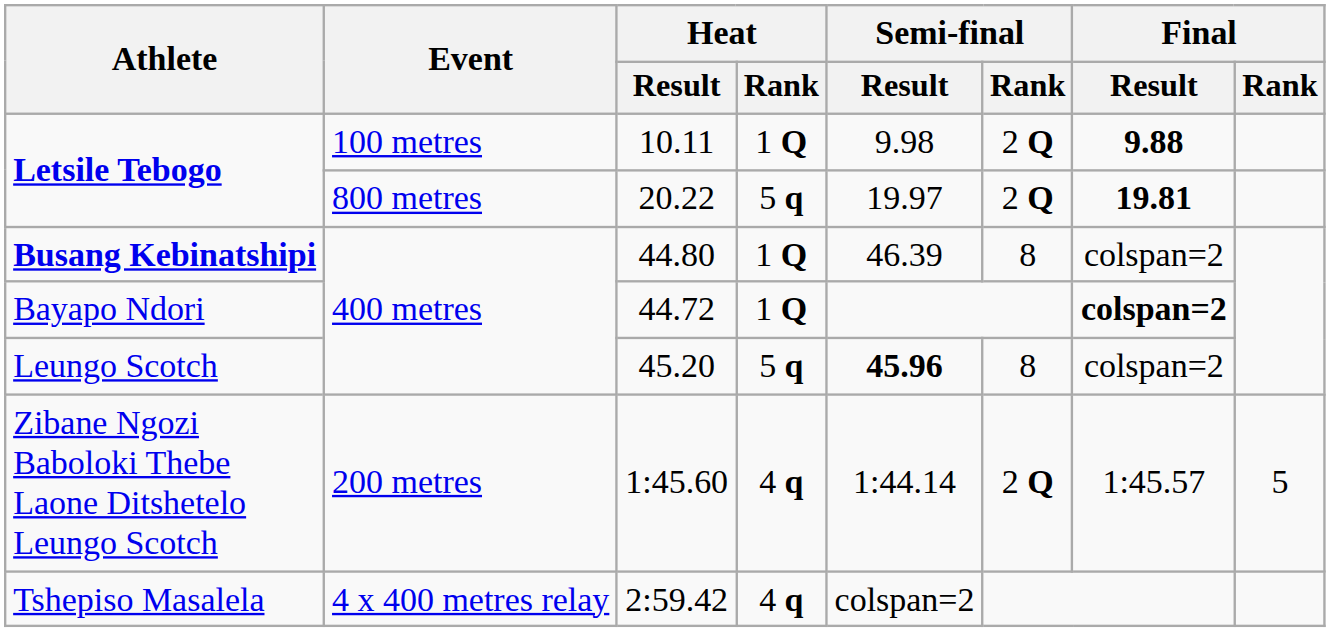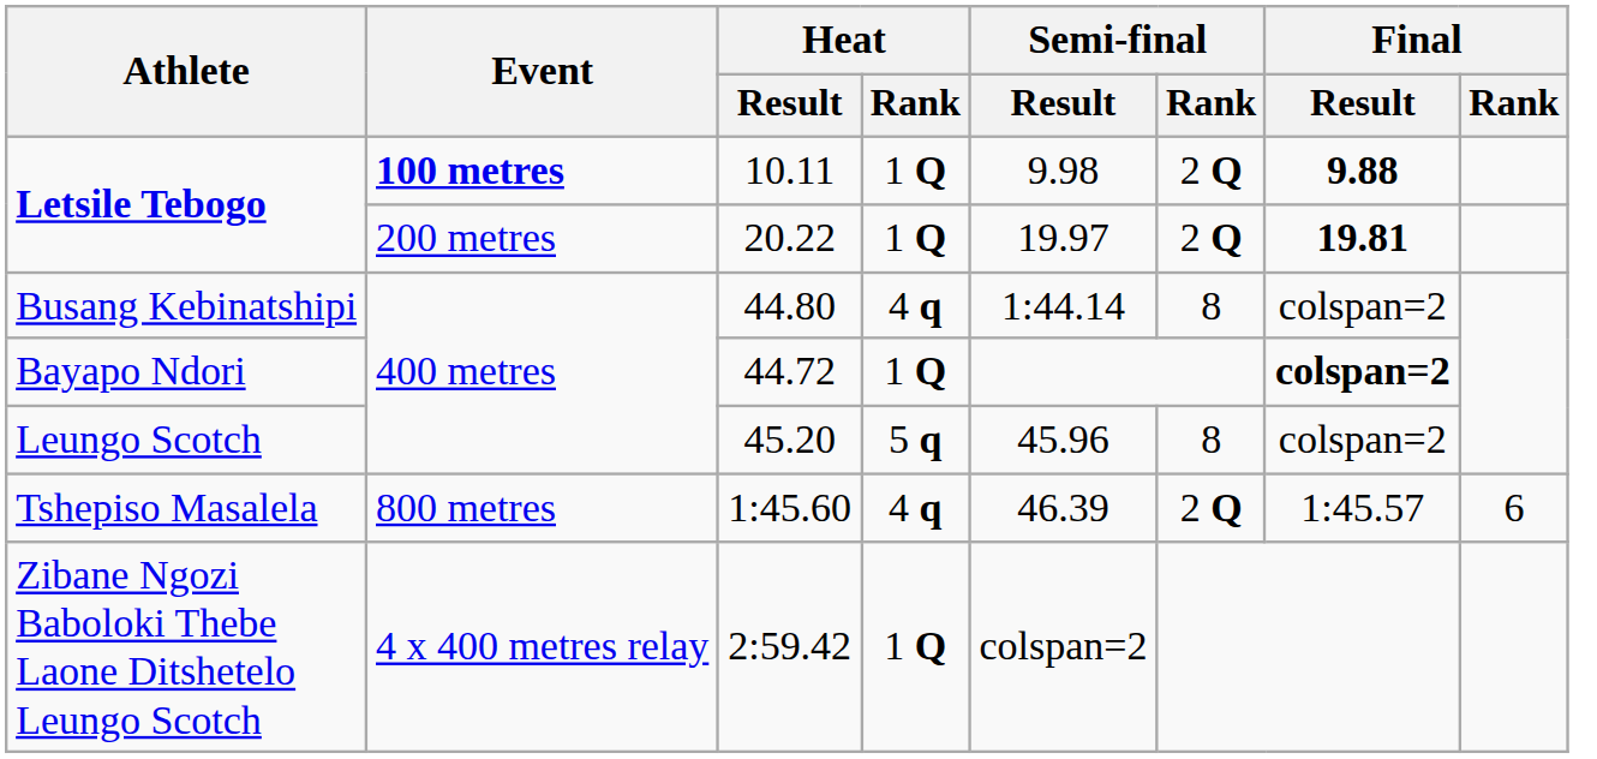 <table class=wikitable style=font-size:90%>
 <tr>
 <th rowspan=2>Athlete</th>
 <th rowspan=2>Event</th>
 <th colspan=2>Heat</th>
 <th colspan=2>Semi-final</th>
 <th colspan=2>Final</th>
 </tr>
 <tr style=font-size:95%>
 <th>Result</th>
 <th>Rank</th>
 <th>Result</th>
 <th>Rank</th>
 <th>Result</th>
 <th>Rank</th>
 </tr>
 <tr align=center>
 <td align=left rowspan=2><strong><a href='#'>Letsile Tebogo</a></strong></td>
-<td align=left><a href='#'>100 metres</a></td>
+<td align=left><strong><a href='#'>100 metres</a></strong></td>
 <td>10.11</td>
 <td>1 <strong>Q</strong></td>
 <td>9.98</td>
 <td>2 <strong>Q</strong></td>
 <td><strong>9.88 </strong></td>
 <td></td>
 </tr>
 <tr align=center>
-<td align=left><a href='#'>800 metres</a></td>
+<td align=left><a href='#'>200 metres</a></td>
 <td>20.22</td>
-<td>5 <strong>q</strong></td>
+<td>1 <strong>Q</strong></td>
 <td>19.97</td>
 <td>2 <strong>Q</strong></td>
 <td><strong>19.81</strong></td>
 <td></td>
 </tr>
 <tr align=center>
-<td align=left><strong><a href='#'>Busang Kebinatshipi</a></strong></td>
+<td align=left><a href='#'>Busang Kebinatshipi</a></td>
 <td align=left rowspan=3><a href='#'>400 metres</a></td>
 <td>44.80 </td>
-<td>1 <strong>Q</strong></td>
-<td>46.39</td>
+<td>4 <strong>q</strong></td>
+<td>1:44.14 </td>
 <td>8</td>
 <td>colspan=2 </td>
 </tr>
 <tr align=center>
 <td align=left><a href='#'>Bayapo Ndori</a></td>
 <td>44.72</td>
 <td>1 <strong>Q</strong></td>
 <td colspan=2></td>
 <td><strong>colspan=2 </strong></td>
 </tr>
 <tr align=center>
 <td align=left><a href='#'>Leungo Scotch</a></td>
 <td>45.20</td>
 <td>5 <strong>q</strong></td>
-<td><strong>45.96</strong></td>
+<td>45.96</td>
 <td>8</td>
 <td>colspan=2 </td>
 </tr>
 <tr align=center>
-<td align=left><a href='#'>Zibane Ngozi</a><br><a href='#'>Baboloki Thebe</a><br><a href='#'>Laone Ditshetelo</a><br><a href='#'>Leungo Scotch</a></td>
-<td align=left><a href='#'>200 metres</a></td>
+<td align=left><a href='#'>Tshepiso Masalela</a></td>
+<td align=left><a href='#'>800 metres</a></td>
 <td>1:45.60</td>
 <td>4 <strong>q</strong></td>
-<td>1:44.14 </td>
+<td>46.39</td>
 <td>2 <strong>Q</strong></td>
 <td>1:45.57</td>
-<td>5</td>
+<td>6</td>
 </tr>
 <tr align=center>
-<td align=left><a href='#'>Tshepiso Masalela</a></td>
+<td align=left><a href='#'>Zibane Ngozi</a><br><a href='#'>Baboloki Thebe</a><br><a href='#'>Laone Ditshetelo</a><br><a href='#'>Leungo Scotch</a></td>
 <td align=left><a href='#'>4 x 400 metres relay</a></td>
 <td>2:59.42 </td>
-<td>4 <strong>q</strong></td>
+<td>1 <strong>Q</strong></td>
 <td>colspan=2</td>
 <td colspan=2></td>
 </tr>
 </table>
